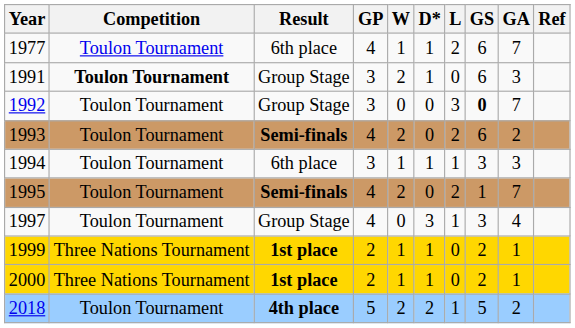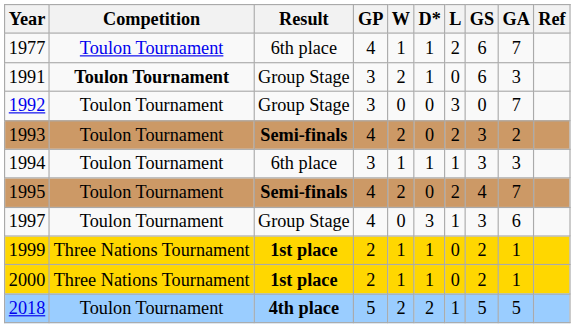 <table class="wikitable" style="text-align: center;">
 <tr>
 <th>Year</th>
 <th>Competition</th>
 <th>Result</th>
 <th>GP</th>
 <th>W</th>
 <th>D*</th>
 <th>L</th>
 <th>GS</th>
 <th>GA</th>
 <th>Ref</th>
 </tr>
 <tr>
 <td> 1977</td>
 <td><a href='#'>Toulon Tournament</a></td>
 <td>6th place</td>
 <td>4</td>
 <td>1</td>
 <td>1</td>
 <td>2</td>
 <td>6</td>
 <td>7</td>
 <td></td>
 </tr>
 <tr>
 <td> 1991</td>
 <td><strong>Toulon Tournament</strong></td>
 <td>Group Stage</td>
 <td>3</td>
 <td>2</td>
 <td>1</td>
 <td>0</td>
 <td>6</td>
 <td>3</td>
 <td></td>
 </tr>
 <tr>
 <td> <a href='#'>1992</a></td>
 <td>Toulon Tournament</td>
 <td>Group Stage</td>
 <td>3</td>
 <td>0</td>
 <td>0</td>
 <td>3</td>
-<td><strong>0</strong></td>
+<td>0</td>
 <td>7</td>
 <td></td>
 </tr>
 <tr bgcolor="#cc9966">
 <td> 1993</td>
 <td>Toulon Tournament</td>
 <td><strong>Semi-finals</strong></td>
 <td>4</td>
 <td>2</td>
 <td>0</td>
 <td>2</td>
-<td>6</td>
+<td>3</td>
 <td>2</td>
 <td></td>
 </tr>
 <tr>
 <td> 1994</td>
 <td>Toulon Tournament</td>
 <td>6th place</td>
 <td>3</td>
 <td>1</td>
 <td>1</td>
 <td>1</td>
 <td>3</td>
 <td>3</td>
 <td></td>
 </tr>
 <tr bgcolor="#cc9966">
 <td> 1995</td>
 <td>Toulon Tournament</td>
 <td><strong>Semi-finals</strong></td>
 <td>4</td>
 <td>2</td>
 <td>0</td>
 <td>2</td>
-<td>1</td>
+<td>4</td>
 <td>7</td>
 <td></td>
 </tr>
 <tr>
 <td> 1997</td>
 <td>Toulon Tournament</td>
 <td>Group Stage</td>
 <td>4</td>
 <td>0</td>
 <td>3</td>
 <td>1</td>
 <td>3</td>
-<td>4</td>
+<td>6</td>
 <td></td>
 </tr>
 <tr bgcolor="gold">
 <td> 1999</td>
 <td>Three Nations Tournament</td>
 <td><strong>1st place</strong></td>
 <td>2</td>
 <td>1</td>
 <td>1</td>
 <td>0</td>
 <td>2</td>
 <td>1</td>
 <td></td>
 </tr>
 <tr bgcolor="gold">
 <td> 2000</td>
 <td>Three Nations Tournament</td>
 <td><strong>1st place</strong></td>
 <td>2</td>
 <td>1</td>
 <td>1</td>
 <td>0</td>
 <td>2</td>
 <td>1</td>
 <td></td>
 </tr>
 <tr style="background:#9acdff">
 <td> <a href='#'>2018</a></td>
 <td>Toulon Tournament</td>
 <td><strong>4th place</strong></td>
 <td>5</td>
 <td>2</td>
 <td>2</td>
 <td>1</td>
 <td>5</td>
-<td>2</td>
+<td>5</td>
 <td></td>
 </tr>
 </table>
